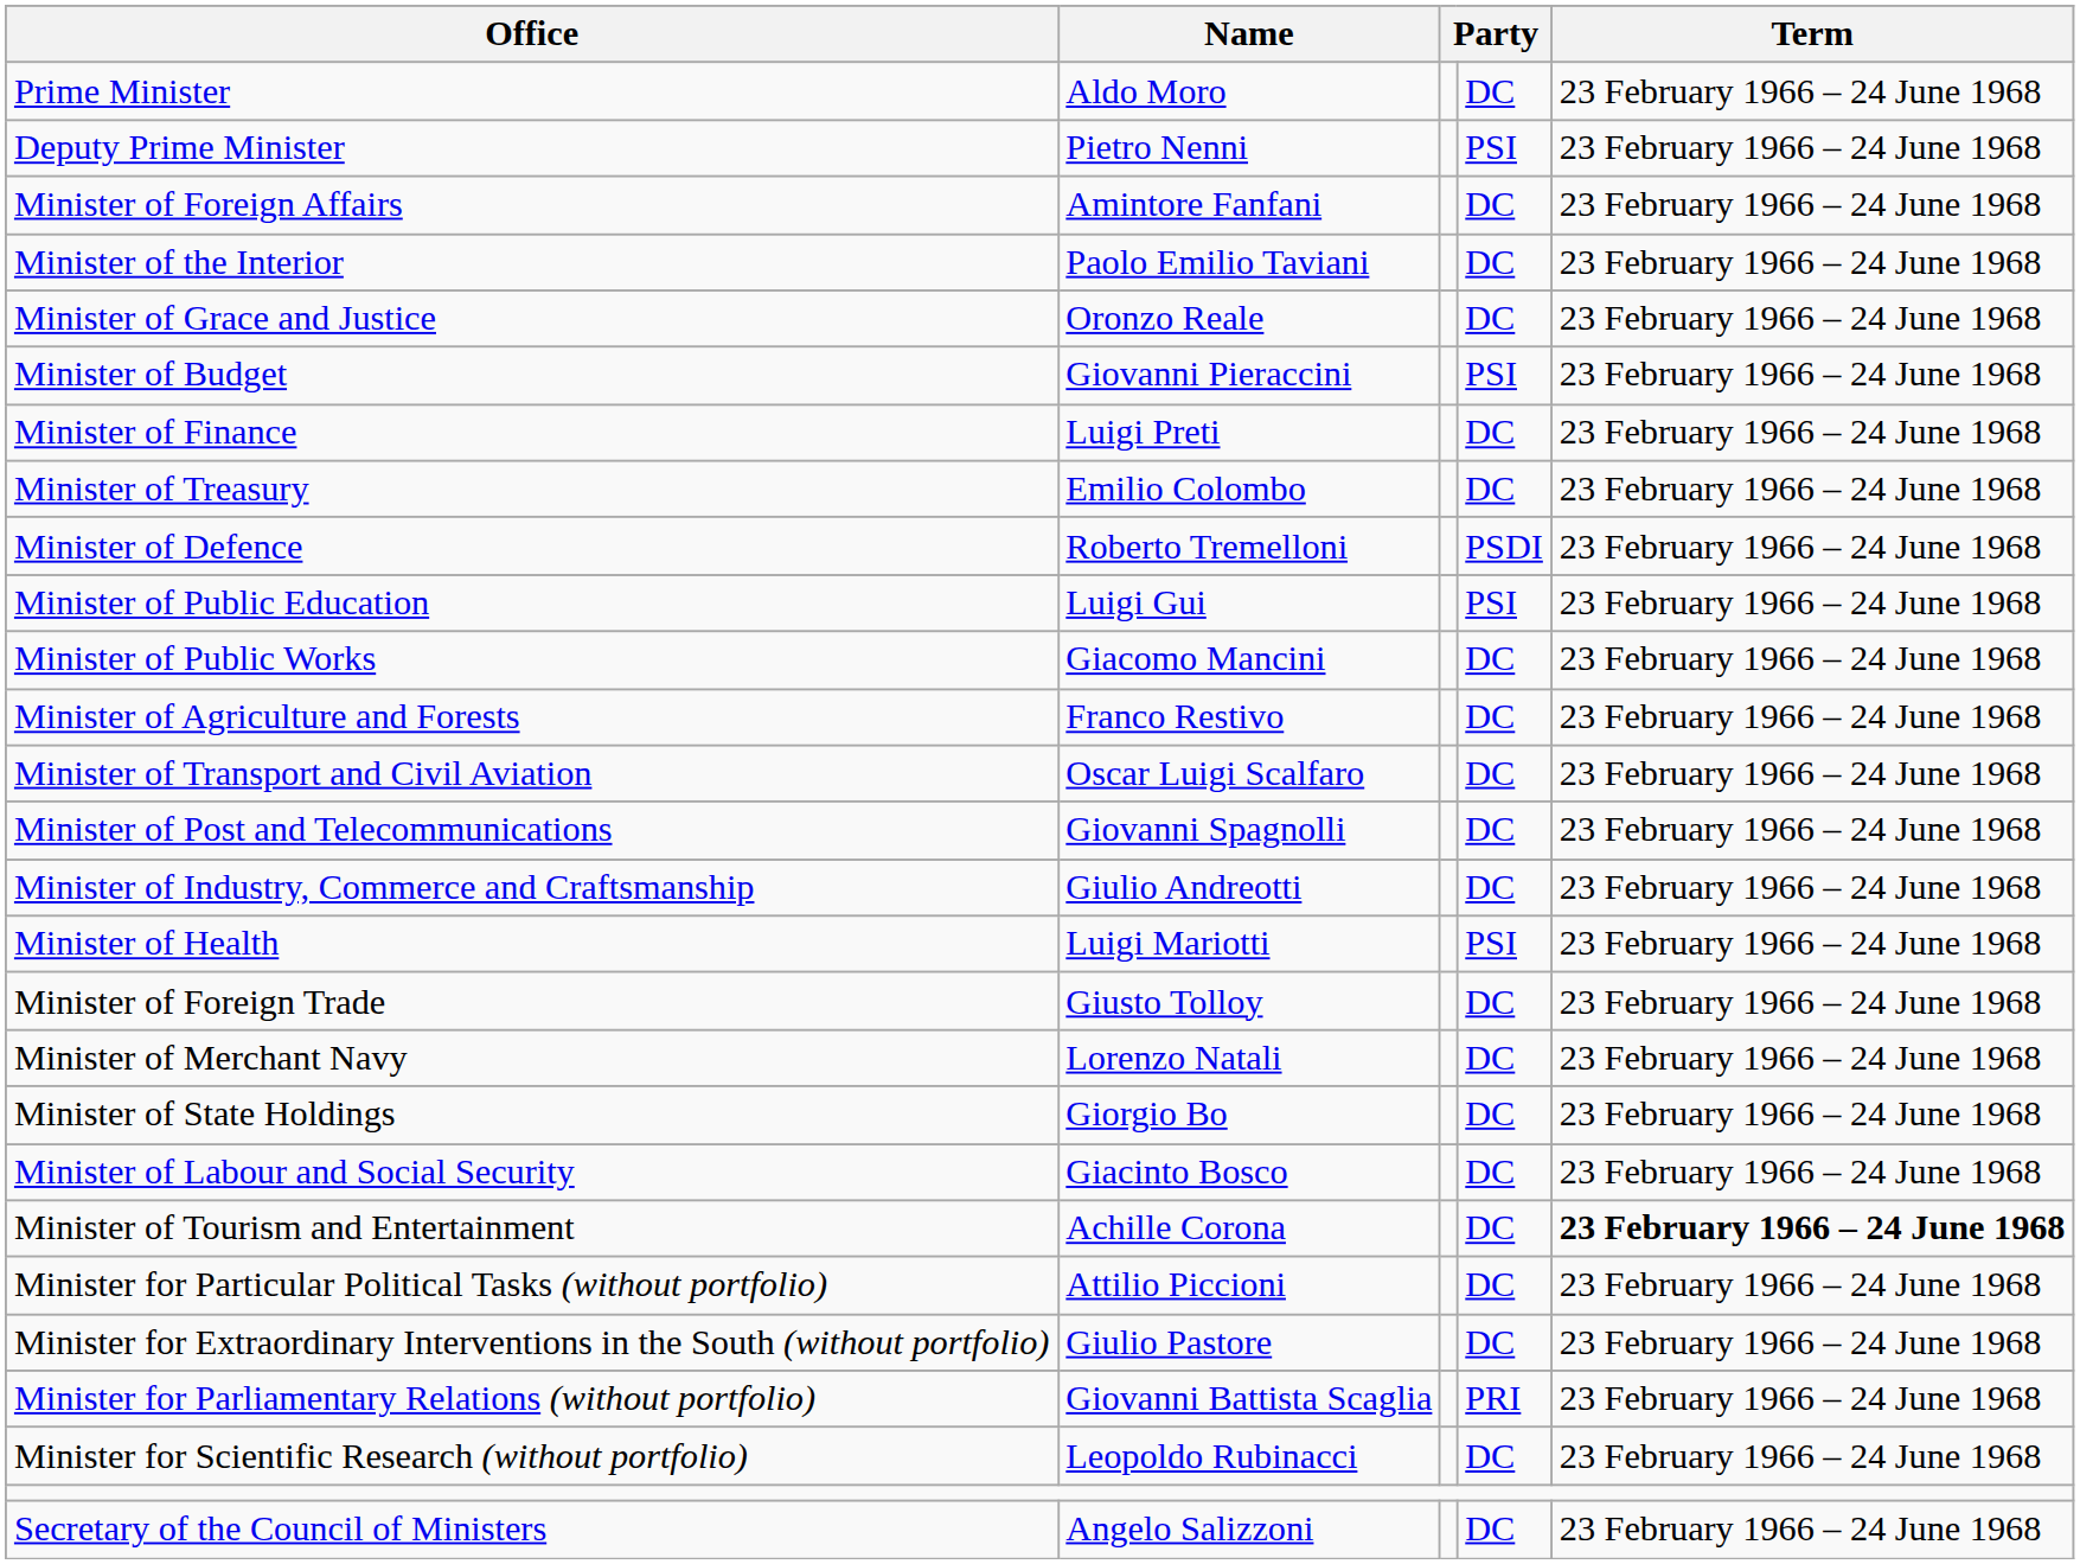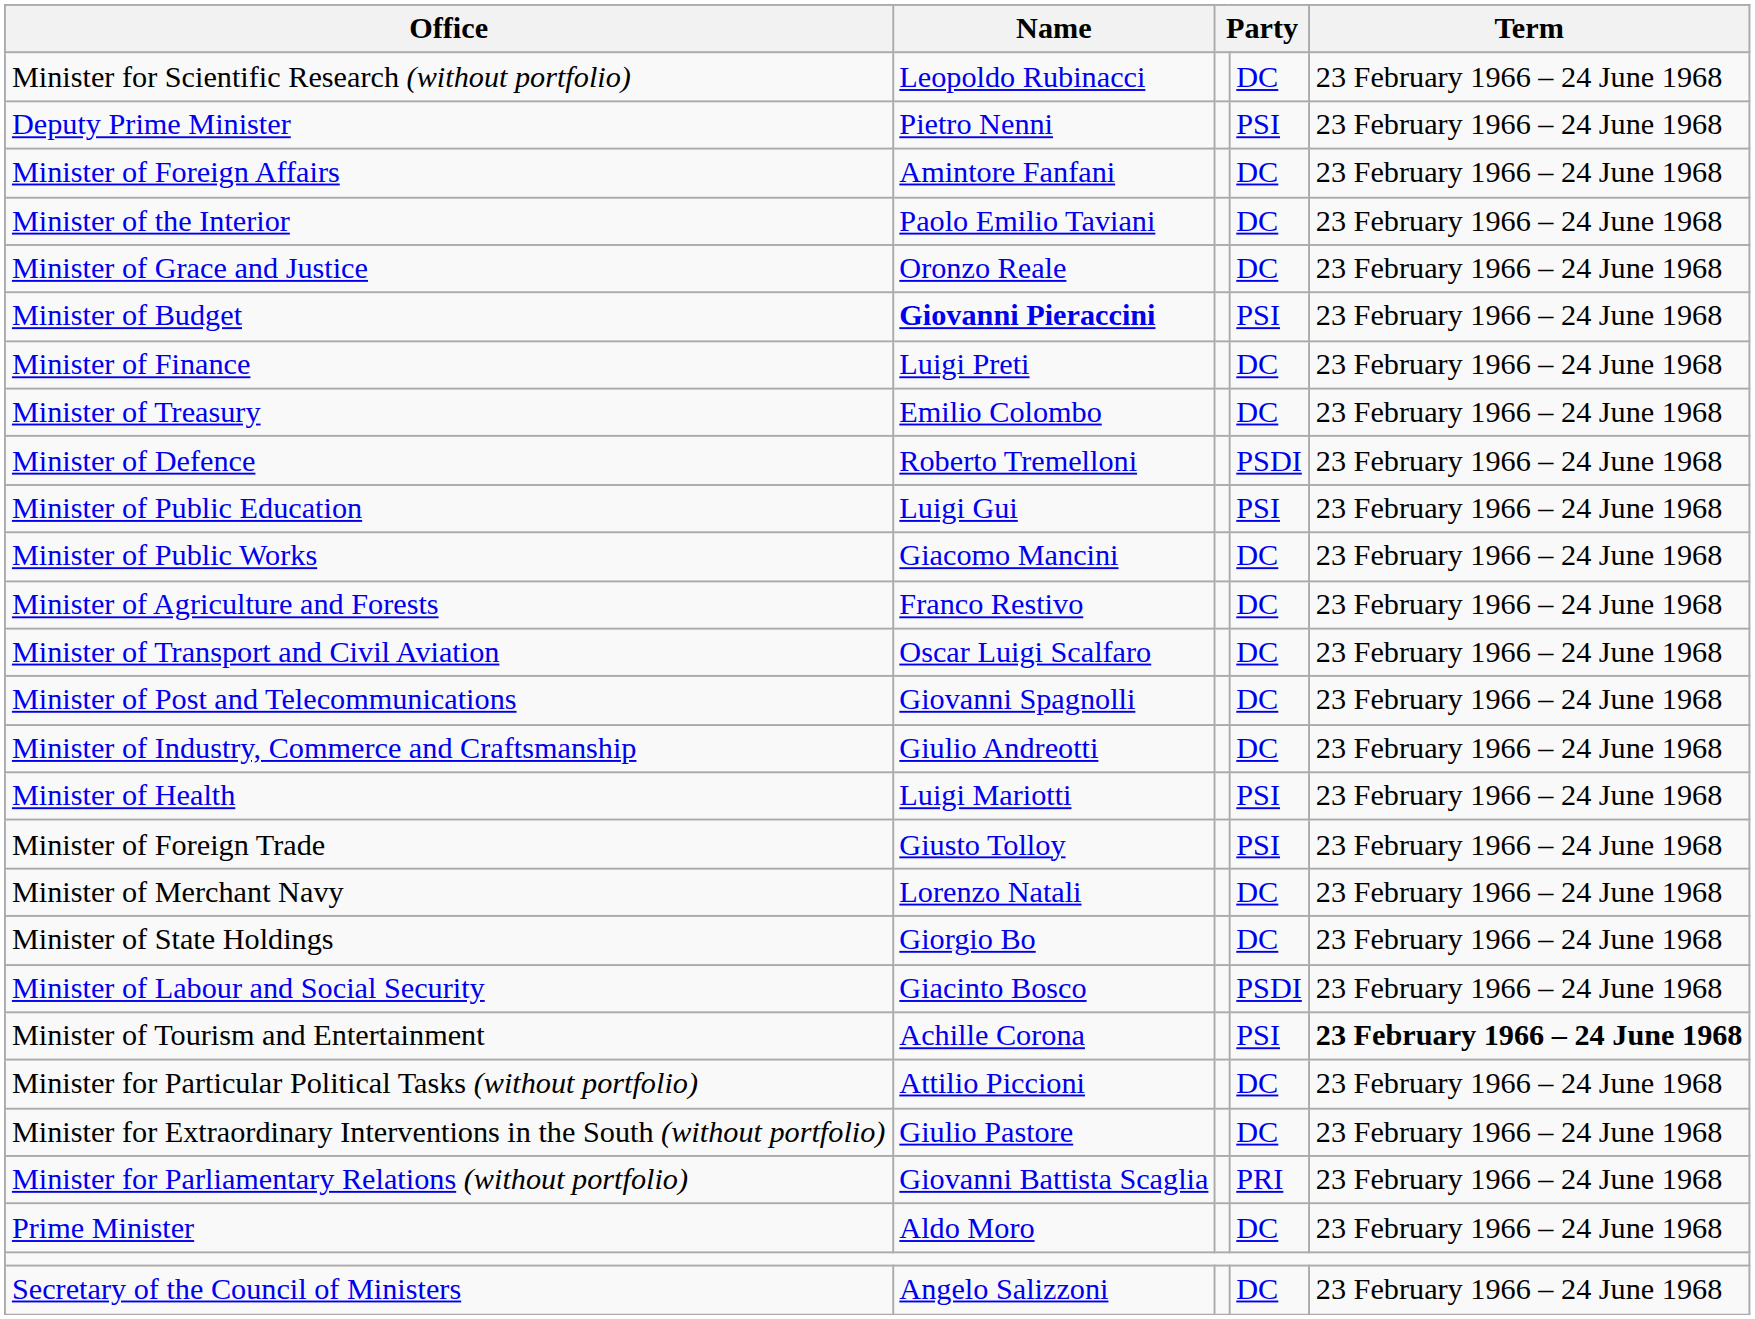 <table class="wikitable" style="font-size: 100%;">
 <tr>
 <th>Office</th>
 <th>Name</th>
 <th colspan=2>Party</th>
 <th>Term</th>
 </tr>
 <tr>
-<td><a href='#'>Prime Minister</a></td>
-<td><a href='#'>Aldo Moro</a></td>
+<td>Minister for Scientific Research <em>(without portfolio)</em></td>
+<td><a href='#'>Leopoldo Rubinacci</a></td>
 <td style="color:inherit;background:"></td>
 <td><a href='#'>DC</a></td>
 <td>23 February 1966 – 24 June 1968</td>
 </tr>
 <tr>
 <td><a href='#'>Deputy Prime Minister</a></td>
 <td><a href='#'>Pietro Nenni</a></td>
 <td style="color:inherit;background:"></td>
 <td><a href='#'>PSI</a></td>
 <td>23 February 1966 – 24 June 1968</td>
 </tr>
 <tr>
 <td><a href='#'>Minister of Foreign Affairs</a></td>
 <td><a href='#'>Amintore Fanfani</a></td>
 <td style="color:inherit;background:"></td>
 <td><a href='#'>DC</a></td>
 <td>23 February 1966 – 24 June 1968</td>
 </tr>
 <tr>
 <td><a href='#'>Minister of the Interior</a></td>
 <td><a href='#'>Paolo Emilio Taviani</a></td>
 <td style="color:inherit;background:"></td>
 <td><a href='#'>DC</a></td>
 <td>23 February 1966 – 24 June 1968</td>
 </tr>
 <tr>
 <td><a href='#'>Minister of Grace and Justice</a></td>
 <td><a href='#'>Oronzo Reale</a></td>
 <td style="color:inherit;background:"></td>
 <td><a href='#'>DC</a></td>
 <td>23 February 1966 – 24 June 1968</td>
 </tr>
 <tr>
 <td><a href='#'>Minister of Budget</a></td>
-<td><a href='#'>Giovanni Pieraccini</a></td>
+<td><strong><a href='#'>Giovanni Pieraccini</a></strong></td>
 <td style="color:inherit;background:"></td>
 <td><a href='#'>PSI</a></td>
 <td>23 February 1966 – 24 June 1968</td>
 </tr>
 <tr>
 <td><a href='#'>Minister of Finance</a></td>
 <td><a href='#'>Luigi Preti</a></td>
 <td style="color:inherit;background:"></td>
 <td><a href='#'>DC</a></td>
 <td>23 February 1966 – 24 June 1968</td>
 </tr>
 <tr>
 <td><a href='#'>Minister of Treasury</a></td>
 <td><a href='#'>Emilio Colombo</a></td>
 <td style="color:inherit;background:"></td>
 <td><a href='#'>DC</a></td>
 <td>23 February 1966 – 24 June 1968</td>
 </tr>
 <tr>
 <td><a href='#'>Minister of Defence</a></td>
 <td><a href='#'>Roberto Tremelloni</a></td>
 <td style="color:inherit;background:"></td>
 <td><a href='#'>PSDI</a></td>
 <td>23 February 1966 – 24 June 1968</td>
 </tr>
 <tr>
 <td><a href='#'>Minister of Public Education</a></td>
 <td><a href='#'>Luigi Gui</a></td>
 <td style="color:inherit;background:"></td>
 <td><a href='#'>PSI</a></td>
 <td>23 February 1966 – 24 June 1968</td>
 </tr>
 <tr>
 <td><a href='#'>Minister of Public Works</a></td>
 <td><a href='#'>Giacomo Mancini</a></td>
 <td style="color:inherit;background:"></td>
 <td><a href='#'>DC</a></td>
 <td>23 February 1966 – 24 June 1968</td>
 </tr>
 <tr>
 <td><a href='#'>Minister of Agriculture and Forests</a></td>
 <td><a href='#'>Franco Restivo</a></td>
 <td style="color:inherit;background:"></td>
 <td><a href='#'>DC</a></td>
 <td>23 February 1966 – 24 June 1968</td>
 </tr>
 <tr>
 <td><a href='#'>Minister of Transport and Civil Aviation</a></td>
 <td><a href='#'>Oscar Luigi Scalfaro</a></td>
 <td style="color:inherit;background:"></td>
 <td><a href='#'>DC</a></td>
 <td>23 February 1966 – 24 June 1968</td>
 </tr>
 <tr>
 <td><a href='#'>Minister of Post and Telecommunications</a></td>
 <td><a href='#'>Giovanni Spagnolli</a></td>
 <td style="color:inherit;background:"></td>
 <td><a href='#'>DC</a></td>
 <td>23 February 1966 – 24 June 1968</td>
 </tr>
 <tr>
 <td><a href='#'>Minister of Industry, Commerce and Craftsmanship</a></td>
 <td><a href='#'>Giulio Andreotti</a></td>
 <td style="color:inherit;background:"></td>
 <td><a href='#'>DC</a></td>
 <td>23 February 1966 – 24 June 1968</td>
 </tr>
 <tr>
 <td><a href='#'>Minister of Health</a></td>
 <td><a href='#'>Luigi Mariotti</a></td>
 <td style="color:inherit;background:"></td>
 <td><a href='#'>PSI</a></td>
 <td>23 February 1966 – 24 June 1968</td>
 </tr>
 <tr>
 <td>Minister of Foreign Trade</td>
 <td><a href='#'>Giusto Tolloy</a></td>
 <td style="color:inherit;background:"></td>
-<td><a href='#'>DC</a></td>
+<td><a href='#'>PSI</a></td>
 <td>23 February 1966 – 24 June 1968</td>
 </tr>
 <tr>
 <td>Minister of Merchant Navy</td>
 <td><a href='#'>Lorenzo Natali</a></td>
 <td style="color:inherit;background:"></td>
 <td><a href='#'>DC</a></td>
 <td>23 February 1966 – 24 June 1968</td>
 </tr>
 <tr>
 <td>Minister of State Holdings</td>
 <td><a href='#'>Giorgio Bo</a></td>
 <td style="color:inherit;background:"></td>
 <td><a href='#'>DC</a></td>
 <td>23 February 1966 – 24 June 1968</td>
 </tr>
 <tr>
 <td><a href='#'>Minister of Labour and Social Security</a></td>
 <td><a href='#'>Giacinto Bosco</a></td>
 <td style="color:inherit;background:"></td>
-<td><a href='#'>DC</a></td>
+<td><a href='#'>PSDI</a></td>
 <td>23 February 1966 – 24 June 1968</td>
 </tr>
 <tr>
 <td>Minister of Tourism and Entertainment</td>
 <td><a href='#'>Achille Corona</a></td>
 <td style="color:inherit;background:"></td>
-<td><a href='#'>DC</a></td>
+<td><a href='#'>PSI</a></td>
 <td><strong>23 February 1966 – 24 June 1968</strong></td>
 </tr>
 <tr>
 <td>Minister for Particular Political Tasks <em>(without portfolio)</em></td>
 <td><a href='#'>Attilio Piccioni</a></td>
 <td style="color:inherit;background:"></td>
 <td><a href='#'>DC</a></td>
 <td>23 February 1966 – 24 June 1968</td>
 </tr>
 <tr>
 <td>Minister for Extraordinary Interventions in the South <em>(without portfolio)</em></td>
 <td><a href='#'>Giulio Pastore</a></td>
 <td style="color:inherit;background:"></td>
 <td><a href='#'>DC</a></td>
 <td>23 February 1966 – 24 June 1968</td>
 </tr>
 <tr>
 <td><a href='#'>Minister for Parliamentary Relations</a> <em>(without portfolio)</em></td>
 <td><a href='#'>Giovanni Battista Scaglia</a></td>
 <td style="color:inherit;background:"></td>
 <td><a href='#'>PRI</a></td>
 <td>23 February 1966 – 24 June 1968</td>
 </tr>
 <tr>
-<td>Minister for Scientific Research <em>(without portfolio)</em></td>
-<td><a href='#'>Leopoldo Rubinacci</a></td>
+<td><a href='#'>Prime Minister</a></td>
+<td><a href='#'>Aldo Moro</a></td>
 <td style="color:inherit;background:"></td>
 <td><a href='#'>DC</a></td>
 <td>23 February 1966 – 24 June 1968</td>
 </tr>
 <tr>
 <td colspan="5"></td>
 </tr>
 <tr>
 <td><a href='#'>Secretary of the Council of Ministers</a></td>
 <td><a href='#'>Angelo Salizzoni</a></td>
 <td style="color:inherit;background:"></td>
 <td><a href='#'>DC</a></td>
 <td>23 February 1966 – 24 June 1968</td>
 </tr>
 </table>
